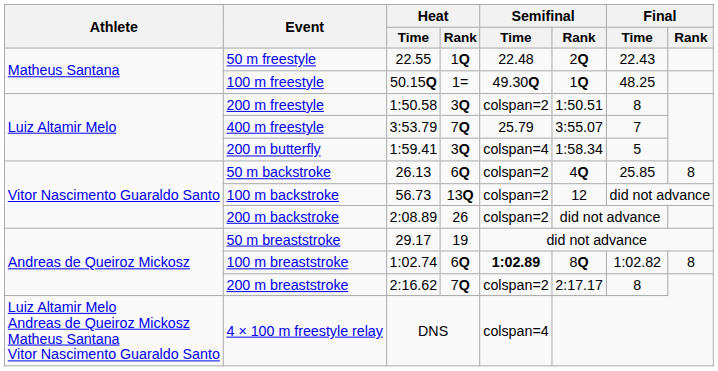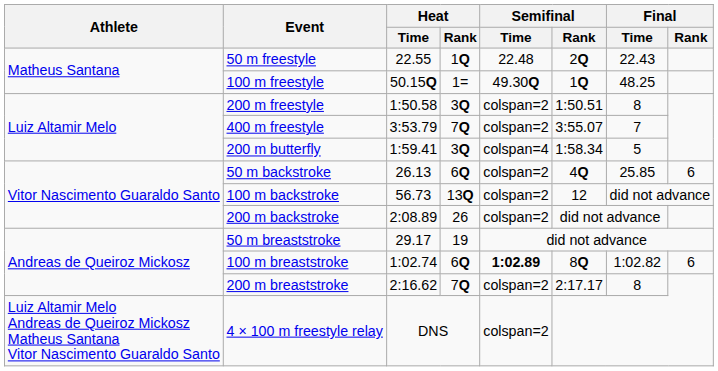 <table class=wikitable style="font-size:90%">
 <tr>
 <th rowspan=2>Athlete</th>
 <th rowspan=2>Event</th>
 <th colspan="2">Heat</th>
 <th colspan="2">Semifinal</th>
 <th colspan="2">Final</th>
 </tr>
 <tr style="font-size:95%">
 <th>Time</th>
 <th>Rank</th>
 <th>Time</th>
 <th>Rank</th>
 <th>Time</th>
 <th>Rank</th>
 </tr>
 <tr align=center>
 <td align=left rowspan=2><a href='#'>Matheus Santana</a></td>
 <td align=left><a href='#'>50 m freestyle</a></td>
 <td align=center>22.55</td>
 <td align=center>1<strong>Q</strong></td>
 <td align=center>22.48</td>
 <td align=center>2<strong>Q</strong></td>
 <td align=center>22.43</td>
 <td align=center></td>
 </tr>
 <tr align=center>
 <td align=left><a href='#'>100 m freestyle</a></td>
 <td align=center>50.15<strong>Q</strong></td>
 <td align=center>1=</td>
 <td align=center>49.30<strong>Q</strong></td>
 <td align=center>1<strong>Q</strong></td>
 <td align=center>48.25</td>
 <td align=center></td>
 </tr>
 <tr align=center>
 <td align=left rowspan=3><a href='#'>Luiz Altamir Melo</a></td>
 <td align=left><a href='#'>200 m freestyle</a></td>
 <td>1:50.58</td>
 <td>3<strong>Q</strong></td>
 <td>colspan=2 </td>
 <td>1:50.51</td>
 <td>8</td>
 </tr>
 <tr align=center>
 <td align=left><a href='#'>400 m freestyle</a></td>
 <td>3:53.79</td>
 <td>7<strong>Q</strong></td>
-<td>25.79</td>
+<td>colspan=2 </td>
 <td>3:55.07</td>
 <td>7</td>
 </tr>
 <tr align=center>
 <td align=left><a href='#'>200 m butterfly</a></td>
 <td>1:59.41</td>
 <td>3<strong>Q</strong></td>
 <td>colspan=4 </td>
 <td>1:58.34</td>
 <td>5</td>
 </tr>
 <tr align=center>
 <td align=left rowspan=3><a href='#'>Vitor Nascimento Guaraldo Santo</a></td>
 <td align=left><a href='#'>50 m backstroke</a></td>
 <td>26.13</td>
 <td>6<strong>Q</strong></td>
 <td>colspan=2 </td>
 <td>4<strong>Q</strong></td>
 <td>25.85</td>
-<td>8</td>
+<td>6</td>
 </tr>
 <tr align=center>
 <td align=left><a href='#'>100 m backstroke</a></td>
 <td>56.73</td>
 <td>13<strong>Q</strong></td>
 <td>colspan=2 </td>
 <td>12</td>
 <td colspan="2">did not advance</td>
 </tr>
 <tr align=center>
 <td align=left><a href='#'>200 m backstroke</a></td>
 <td>2:08.89</td>
 <td>26</td>
 <td>colspan=2 </td>
 <td colspan="2">did not advance</td>
 </tr>
 <tr align=center>
 <td align=left rowspan=3><a href='#'>Andreas de Queiroz Mickosz</a></td>
 <td align=left><a href='#'>50 m breaststroke</a></td>
 <td>29.17</td>
 <td>19</td>
 <td colspan="4">did not advance</td>
 </tr>
 <tr align=center>
 <td align=left><a href='#'>100 m breaststroke</a></td>
 <td>1:02.74</td>
 <td>6<strong>Q</strong></td>
 <td><strong>1:02.89</strong></td>
 <td>8<strong>Q</strong></td>
 <td>1:02.82</td>
-<td>8</td>
+<td>6</td>
 </tr>
 <tr align=center>
 <td align=left><a href='#'>200 m breaststroke</a></td>
 <td>2:16.62</td>
 <td>7<strong>Q</strong></td>
 <td>colspan=2 </td>
 <td>2:17.17</td>
 <td>8</td>
 </tr>
 <tr align=center>
 <td align=left><a href='#'>Luiz Altamir Melo</a><br><a href='#'>Andreas de Queiroz Mickosz</a><br><a href='#'>Matheus Santana</a><br><a href='#'>Vitor Nascimento Guaraldo Santo</a></td>
 <td align=left><a href='#'>4 × 100 m freestyle relay</a></td>
 <td colspan=2>DNS</td>
-<td>colspan=4 </td>
+<td>colspan=2 </td>
 </tr>
 </table>
